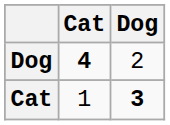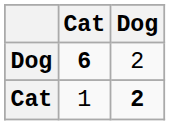 <table class="wikitable" style="text-align:center;">
 <tr>
 <th></th>
 <th>Cat</th>
 <th>Dog</th>
 </tr>
 <tr>
 <th>Dog</th>
-<td><strong>4</strong></td>
+<td><strong>6</strong></td>
 <td>2</td>
 </tr>
 <tr>
 <th>Cat</th>
 <td>1</td>
-<td><strong>3</strong></td>
+<td><strong>2</strong></td>
 </tr>
 </table>
